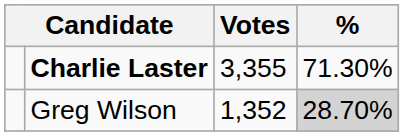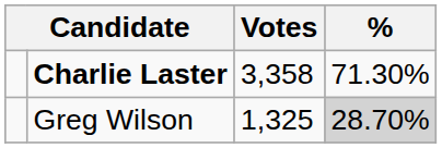 <table class="wikitable">
 <tr>
 <th colspan="2" rowspan="1" align="center" valign="top"><strong>Candidate</strong></th>
 <th valign="top"><strong>Votes</strong></th>
 <th valign="top"><strong>%</strong></th>
 </tr>
 <tr>
 <td style="background-color:"> </td>
 <td><strong>Charlie Laster</strong></td>
-<td>3,355</td>
+<td>3,358</td>
 <td>71.30%</td>
 </tr>
 <tr>
 <td style="background-color:"> </td>
 <td>Greg Wilson</td>
-<td>1,352</td>
+<td>1,325</td>
 <td style="background: lightgrey;">28.70%</td>
 </tr>
 </table>
